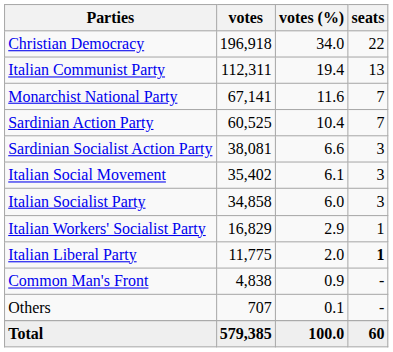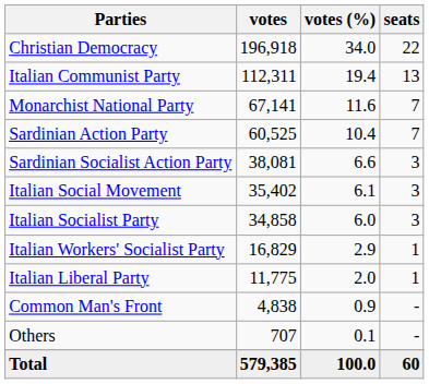 <table class="wikitable" style="font-size:95%">
 <tr bgcolor="EFEFEF">
 <th>Parties</th>
 <th>votes</th>
 <th>votes (%)</th>
 <th>seats</th>
 </tr>
 <tr>
 <td><a href='#'>Christian Democracy</a></td>
 <td align=right>196,918</td>
 <td align=right>34.0</td>
 <td align=right>22</td>
 </tr>
 <tr>
 <td><a href='#'>Italian Communist Party</a></td>
 <td align=right>112,311</td>
 <td align=right>19.4</td>
 <td align=right>13</td>
 </tr>
 <tr>
 <td><a href='#'>Monarchist National Party</a></td>
 <td align=right>67,141</td>
 <td align=right>11.6</td>
 <td align=right>7</td>
 </tr>
 <tr>
 <td><a href='#'>Sardinian Action Party</a></td>
 <td align=right>60,525</td>
 <td align=right>10.4</td>
 <td align=right>7</td>
 </tr>
 <tr>
 <td><a href='#'>Sardinian Socialist Action Party</a></td>
 <td align=right>38,081</td>
 <td align=right>6.6</td>
 <td align=right>3</td>
 </tr>
 <tr>
 <td><a href='#'>Italian Social Movement</a></td>
 <td align=right>35,402</td>
 <td align=right>6.1</td>
 <td align=right>3</td>
 </tr>
 <tr>
 <td><a href='#'>Italian Socialist Party</a></td>
 <td align=right>34,858</td>
 <td align=right>6.0</td>
 <td align=right>3</td>
 </tr>
 <tr>
 <td><a href='#'>Italian Workers' Socialist Party</a></td>
 <td align=right>16,829</td>
 <td align=right>2.9</td>
 <td align=right>1</td>
 </tr>
 <tr>
 <td><a href='#'>Italian Liberal Party</a></td>
 <td align=right>11,775</td>
 <td align=right>2.0</td>
-<td align=right><strong>1</strong></td>
+<td align=right>1</td>
 </tr>
 <tr>
 <td><a href='#'>Common Man's Front</a></td>
 <td align=right>4,838</td>
 <td align=right>0.9</td>
 <td align=right>-</td>
 </tr>
 <tr>
 <td>Others</td>
 <td align=right>707</td>
 <td align=right>0.1</td>
 <td align=right>-</td>
 </tr>
 <tr>
 </tr>
 <tr bgcolor="EFEFEF">
 <td><strong>Total</strong></td>
 <td align=right><strong>579,385</strong></td>
 <td align=right><strong>100.0</strong></td>
 <td align=right><strong>60</strong></td>
 </tr>
 </table>
